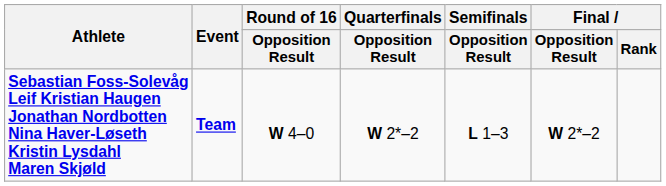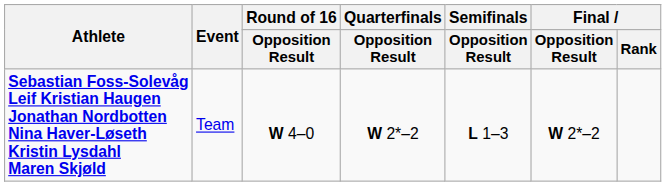 <table class="wikitable" style="font-size:90%">
 <tr>
 <th rowspan="2">Athlete</th>
 <th rowspan="2">Event</th>
 <th>Round of 16</th>
 <th>Quarterfinals</th>
 <th>Semifinals</th>
 <th colspan=2>Final / </th>
 </tr>
 <tr style="font-size:95%">
 <th>Opposition<br>Result</th>
 <th>Opposition<br>Result</th>
 <th>Opposition<br>Result</th>
 <th>Opposition<br>Result</th>
 <th>Rank</th>
 </tr>
 <tr align=center>
 <td align="left"><strong><a href='#'>Sebastian Foss-Solevåg</a><br><a href='#'>Leif Kristian Haugen</a><br><a href='#'>Jonathan Nordbotten</a><br><a href='#'>Nina Haver-Løseth</a><br><a href='#'>Kristin Lysdahl</a><br><a href='#'>Maren Skjøld</a></strong></td>
-<td align="left"><strong><a href='#'>Team</a></strong></td>
+<td align="left"><a href='#'>Team</a></td>
 <td><br><strong>W</strong> 4–0</td>
 <td><br><strong>W</strong> 2*–2</td>
 <td><br><strong>L</strong> 1–3</td>
 <td><br><strong>W</strong> 2*–2</td>
 <td></td>
 </tr>
 </table>
